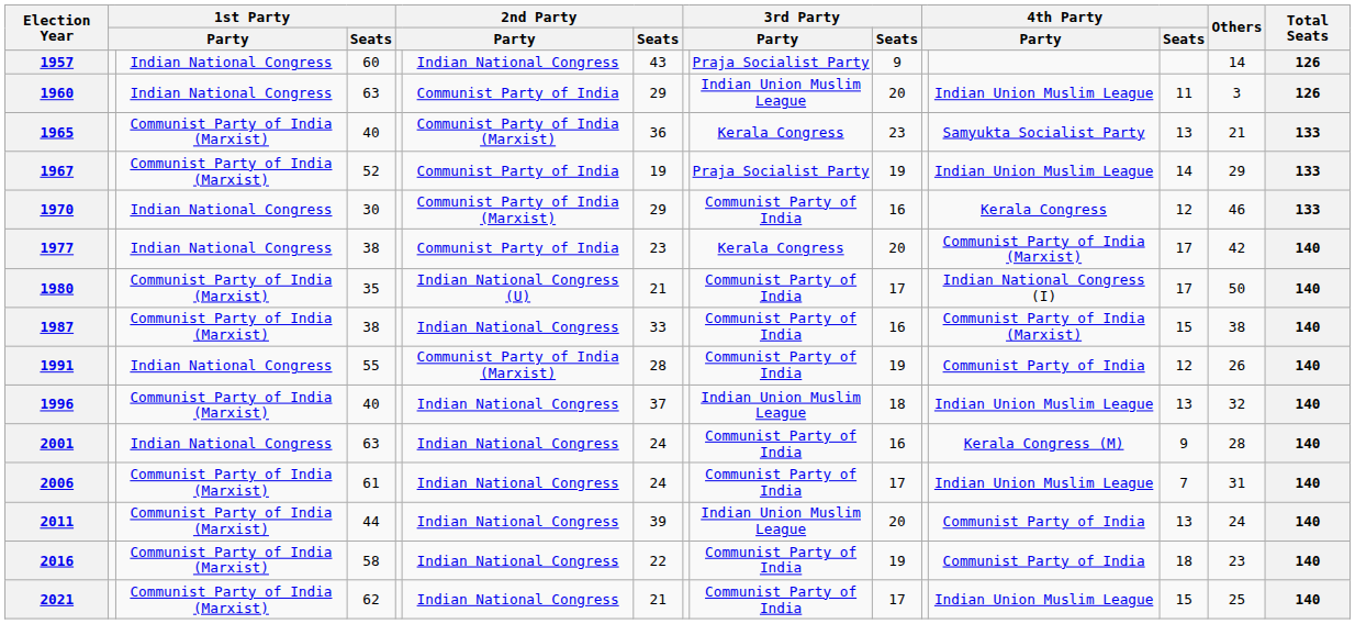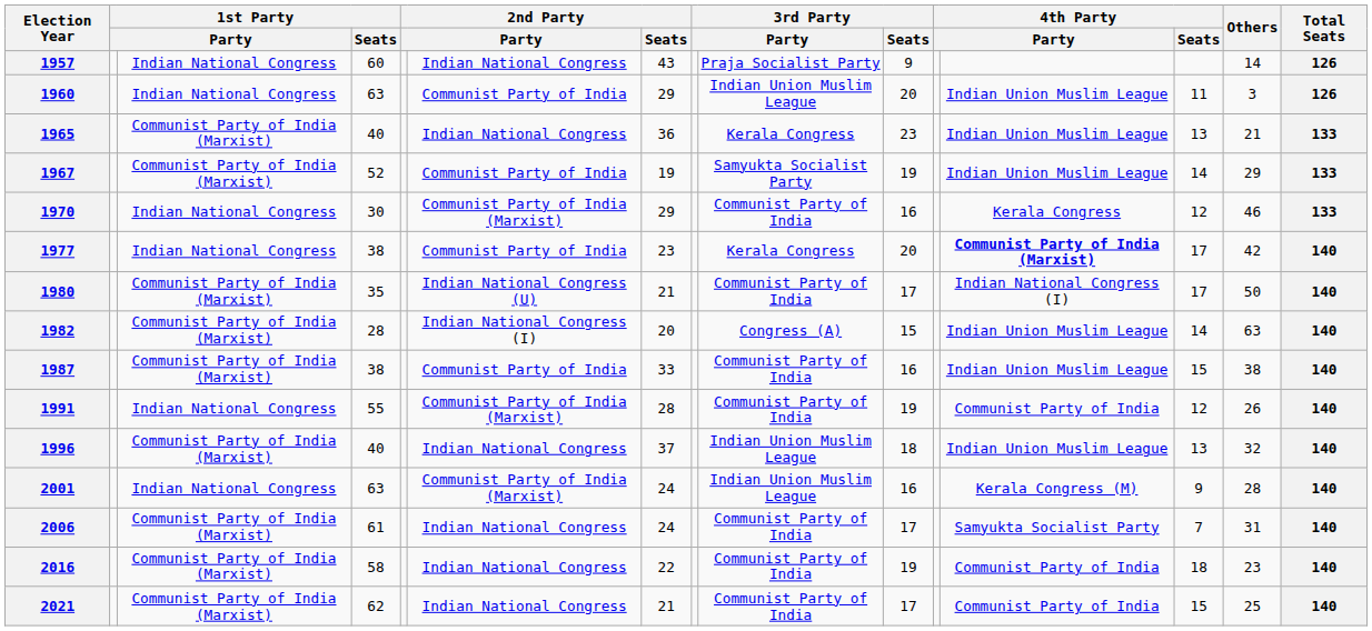 <table class="wikitable" style="text-align:center">
 <tr>
 <th rowspan="2">Election Year</th>
 <th colspan="3">1st Party</th>
 <th colspan="3">2nd Party</th>
 <th colspan="3">3rd Party</th>
 <th colspan="3">4th Party</th>
 <th rowspan="2">Others</th>
 <th rowspan="2">Total Seats</th>
 </tr>
 <tr>
 <th colspan="2">Party</th>
 <th>Seats</th>
 <th colspan="2">Party</th>
 <th>Seats</th>
 <th colspan="2">Party</th>
 <th>Seats</th>
 <th colspan="2">Party</th>
 <th>Seats</th>
 </tr>
 <tr>
 <th><a href='#'>1957</a></th>
 <td style="background-color:"></td>
 <td><a href='#'>Indian National Congress</a></td>
 <td>60</td>
 <td style="background-color: "></td>
 <td><a href='#'>Indian National Congress</a></td>
 <td>43</td>
 <td style="background-color: "></td>
 <td><a href='#'>Praja Socialist Party</a></td>
 <td>9</td>
 <td></td>
 <td></td>
 <td></td>
 <td>14</td>
 <th>126</th>
 </tr>
 <tr>
 <th><a href='#'>1960</a></th>
 <td style="background-color: "></td>
 <td><a href='#'>Indian National Congress</a></td>
 <td>63</td>
 <td style="background-color:"></td>
 <td><a href='#'>Communist Party of India</a></td>
 <td>29</td>
 <td style="background-color: "></td>
 <td><a href='#'>Indian Union Muslim League</a></td>
 <td>20</td>
 <td style="background-color: "></td>
 <td><a href='#'>Indian Union Muslim League</a></td>
 <td>11</td>
 <td>3</td>
 <th>126</th>
 </tr>
 <tr>
 <th><a href='#'>1965</a></th>
 <td style="background-color:"></td>
 <td><a href='#'>Communist Party of India (Marxist)</a></td>
 <td>40</td>
 <td style="background-color: "></td>
-<td><a href='#'>Communist Party of India (Marxist)</a></td>
+<td><a href='#'>Indian National Congress</a></td>
 <td>36</td>
 <td style="background-color: "></td>
 <td><a href='#'>Kerala Congress</a></td>
 <td>23</td>
 <td style="background-color: "></td>
-<td><a href='#'>Samyukta Socialist Party</a></td>
+<td><a href='#'>Indian Union Muslim League</a></td>
 <td>13</td>
 <td>21</td>
 <th>133</th>
 </tr>
 <tr>
 <th><a href='#'>1967</a></th>
 <td style="background-color:"></td>
 <td><a href='#'>Communist Party of India (Marxist)</a></td>
 <td>52</td>
 <td style="background-color:"></td>
 <td><a href='#'>Communist Party of India</a></td>
 <td>19</td>
 <td style="background-color: "></td>
-<td><a href='#'>Praja Socialist Party</a></td>
+<td><a href='#'>Samyukta Socialist Party</a></td>
 <td>19</td>
 <td style="background-color: "></td>
 <td><a href='#'>Indian Union Muslim League</a></td>
 <td>14</td>
 <td>29</td>
 <th>133</th>
 </tr>
 <tr>
 <th><a href='#'>1970</a></th>
 <td style="background-color: "></td>
 <td><a href='#'>Indian National Congress</a></td>
 <td>30</td>
 <td style="background-color:"></td>
 <td><a href='#'>Communist Party of India (Marxist)</a></td>
 <td>29</td>
 <td style="background-color:"></td>
 <td><a href='#'>Communist Party of India</a></td>
 <td>16</td>
 <td style="background-color: "></td>
 <td><a href='#'>Kerala Congress</a></td>
 <td>12</td>
 <td>46</td>
 <th>133</th>
 </tr>
 <tr>
 <th><a href='#'>1977</a></th>
 <td style="background-color: "></td>
 <td><a href='#'>Indian National Congress</a></td>
 <td>38</td>
 <td style="background-color:"></td>
 <td><a href='#'>Communist Party of India</a></td>
 <td>23</td>
 <td style="background-color: "></td>
 <td><a href='#'>Kerala Congress</a></td>
 <td>20</td>
 <td style="background-color:"></td>
-<td><a href='#'>Communist Party of India (Marxist)</a></td>
+<td><strong><a href='#'>Communist Party of India (Marxist)</a></strong></td>
 <td>17</td>
 <td>42</td>
 <th>140</th>
 </tr>
 <tr>
 <th><a href='#'>1980</a></th>
 <td style="background-color:"></td>
 <td><a href='#'>Communist Party of India (Marxist)</a></td>
 <td>35</td>
 <td style="background-color: "></td>
 <td><a href='#'>Indian National Congress (U)</a></td>
 <td>21</td>
 <td style="background-color:"></td>
 <td><a href='#'>Communist Party of India</a></td>
 <td>17</td>
 <td style="background-color: "></td>
 <td><a href='#'>Indian National Congress</a> (I)</td>
 <td>17</td>
 <td>50</td>
 <th>140</th>
 </tr>
 <tr>
+<th><a href='#'>1982</a></th>
+<td style="background-color:"></td>
+<td><a href='#'>Communist Party of India (Marxist)</a></td>
+<td>28</td>
+<td style="background-color: "></td>
+<td><a href='#'>Indian National Congress</a> (I)</td>
+<td>20</td>
+<td style="background-color:"></td>
+<td><a href='#'>Congress (A)</a></td>
+<td>15</td>
+<td style="background-color: "></td>
+<td><a href='#'>Indian Union Muslim League</a></td>
+<td>14</td>
+<td>63</td>
+<th>140</th>
+</tr>
+<tr>
 <th><a href='#'>1987</a></th>
 <td style="background-color:"></td>
 <td><a href='#'>Communist Party of India (Marxist)</a></td>
 <td>38</td>
 <td style="background-color: "></td>
-<td><a href='#'>Indian National Congress</a></td>
+<td><a href='#'>Communist Party of India</a></td>
 <td>33</td>
 <td style="background-color:"></td>
 <td><a href='#'>Communist Party of India</a></td>
 <td>16</td>
 <td style="background-color: "></td>
-<td><a href='#'>Communist Party of India (Marxist)</a></td>
+<td><a href='#'>Indian Union Muslim League</a></td>
 <td>15</td>
 <td>38</td>
 <th>140</th>
 </tr>
 <tr>
 <th><a href='#'>1991</a></th>
 <td style="background-color: "></td>
 <td><a href='#'>Indian National Congress</a></td>
 <td>55</td>
 <td style="background-color:"></td>
 <td><a href='#'>Communist Party of India (Marxist)</a></td>
 <td>28</td>
 <td style="background-color: "></td>
 <td><a href='#'>Communist Party of India</a></td>
 <td>19</td>
 <td style="background-color:"></td>
 <td><a href='#'>Communist Party of India</a></td>
 <td>12</td>
 <td>26</td>
 <th>140</th>
 </tr>
 <tr>
 <th><a href='#'>1996</a></th>
 <td style="background-color:"></td>
 <td><a href='#'>Communist Party of India (Marxist)</a></td>
 <td>40</td>
 <td style="background-color: "></td>
 <td><a href='#'>Indian National Congress</a></td>
 <td>37</td>
 <td style="background-color:"></td>
 <td><a href='#'>Indian Union Muslim League</a></td>
 <td>18</td>
 <td style="background-color: "></td>
 <td><a href='#'>Indian Union Muslim League</a></td>
 <td>13</td>
 <td>32</td>
 <th>140</th>
 </tr>
 <tr>
 <th><a href='#'>2001</a></th>
 <td style="background-color: "></td>
 <td><a href='#'>Indian National Congress</a></td>
 <td>63</td>
 <td style="background-color:"></td>
-<td><a href='#'>Indian National Congress</a></td>
+<td><a href='#'>Communist Party of India (Marxist)</a></td>
 <td>24</td>
 <td style="background-color: "></td>
-<td><a href='#'>Communist Party of India</a></td>
+<td><a href='#'>Indian Union Muslim League</a></td>
 <td>16</td>
 <td style="background-color:"></td>
 <td><a href='#'>Kerala Congress (M)</a></td>
 <td>9</td>
 <td>28</td>
 <th>140</th>
 </tr>
 <tr>
 <th><a href='#'>2006</a></th>
 <td style="background-color:"></td>
 <td><a href='#'>Communist Party of India (Marxist)</a></td>
 <td>61</td>
 <td style="background-color: "></td>
 <td><a href='#'>Indian National Congress</a></td>
 <td>24</td>
 <td style="background-color:"></td>
 <td><a href='#'>Communist Party of India</a></td>
 <td>17</td>
 <td style="background-color: "></td>
-<td><a href='#'>Indian Union Muslim League</a></td>
+<td><a href='#'>Samyukta Socialist Party</a></td>
 <td>7</td>
 <td>31</td>
-<th>140</th>
-</tr>
-<tr>
-<th><a href='#'>2011</a></th>
-<td style="background-color:"></td>
-<td><a href='#'>Communist Party of India (Marxist)</a></td>
-<td>44</td>
-<td style="background-color: "></td>
-<td><a href='#'>Indian National Congress</a></td>
-<td>39</td>
-<td style="background-color: "></td>
-<td><a href='#'>Indian Union Muslim League</a></td>
-<td>20</td>
-<td style="background-color:"></td>
-<td><a href='#'>Communist Party of India</a></td>
-<td>13</td>
-<td>24</td>
 <th>140</th>
 </tr>
 <tr>
 <th><a href='#'>2016</a></th>
 <td style="background-color:"></td>
 <td><a href='#'>Communist Party of India (Marxist)</a></td>
 <td>58</td>
 <td style="background-color: "></td>
 <td><a href='#'>Indian National Congress</a></td>
 <td>22</td>
 <td style="background-color:"></td>
 <td><a href='#'>Communist Party of India</a></td>
 <td>19</td>
 <td style="background-color: "></td>
 <td><a href='#'>Communist Party of India</a></td>
 <td>18</td>
 <td>23</td>
 <th>140</th>
 </tr>
 <tr>
 <th><a href='#'>2021</a></th>
 <td style="background-color:"></td>
 <td><a href='#'>Communist Party of India (Marxist)</a></td>
 <td>62</td>
 <td style="background-color: "></td>
 <td><a href='#'>Indian National Congress</a></td>
 <td>21</td>
 <td style="background-color:"></td>
 <td><a href='#'>Communist Party of India</a></td>
 <td>17</td>
 <td style="background-color: "></td>
-<td><a href='#'>Indian Union Muslim League</a></td>
+<td><a href='#'>Communist Party of India</a></td>
 <td>15</td>
 <td>25</td>
 <th>140</th>
 </tr>
 </table>
